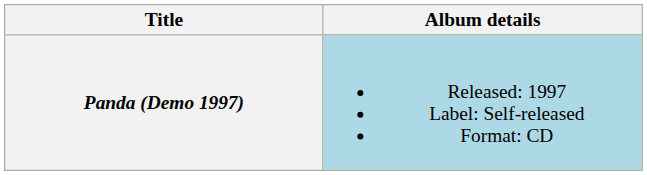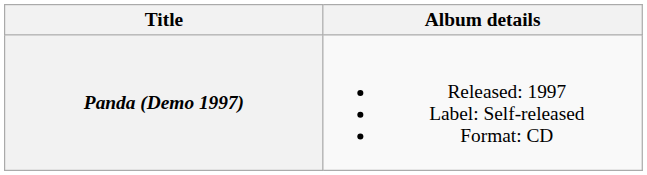 <table class="wikitable plainrowheaders" style="text-align:center;">
 <tr>
 <th scope="col" style="width:16em;">Title</th>
 <th scope="col" style="width:16em;">Album details</th>
 </tr>
 <tr>
 <th scope="row"><em>Panda (Demo 1997)</em></th>
-<td style="background: lightblue;"><br><ul><li>Released: 1997</li><li>Label: Self-released</li><li>Format: CD</li></ul></td>
+<td><br><ul><li>Released: 1997</li><li>Label: Self-released</li><li>Format: CD</li></ul></td>
 </tr>
 </table>
